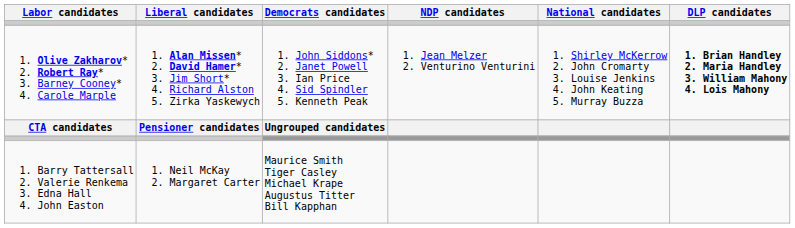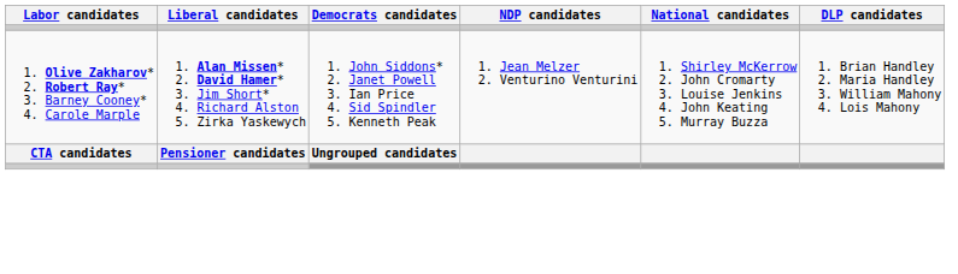 <table class="wikitable">
 <tr>
 <th><a href='#'>Labor</a> candidates</th>
 <th><a href='#'>Liberal</a> candidates</th>
 <th><a href='#'>Democrats</a> candidates</th>
 <th><a href='#'>NDP</a> candidates</th>
 <th><a href='#'>National</a> candidates</th>
 <th><a href='#'>DLP</a> candidates</th>
 </tr>
 <tr bgcolor="#cccccc">
 <td></td>
 <td></td>
 <td></td>
 <td></td>
 <td></td>
 <td></td>
 </tr>
 <tr>
 <td><br><ol><li><strong><a href='#'>Olive Zakharov</a></strong>*</li><li><strong><a href='#'>Robert Ray</a></strong>*</li><li><a href='#'>Barney Cooney</a>*</li><li><a href='#'>Carole Marple</a></li></ol></td>
 <td><br><ol><li><strong><a href='#'>Alan Missen</a></strong>*</li><li><strong><a href='#'>David Hamer</a></strong>*</li><li><a href='#'>Jim Short</a>*</li><li><a href='#'>Richard Alston</a></li><li>Zirka Yaskewych</li></ol></td>
 <td><br><ol><li><a href='#'>John Siddons</a>*</li><li><a href='#'>Janet Powell</a></li><li>Ian Price</li><li><a href='#'>Sid Spindler</a></li><li>Kenneth Peak</li></ol></td>
 <td valign=top><br><ol><li><a href='#'>Jean Melzer</a></li><li>Venturino Venturini</li></ol></td>
 <td valign=top><br><ol><li><a href='#'>Shirley McKerrow</a></li><li>John Cromarty</li><li>Louise Jenkins</li><li>John Keating</li><li>Murray Buzza</li></ol></td>
-<td valign=top><strong><br><ol><li>Brian Handley</li><li>Maria Handley</li><li>William Mahony</li><li>Lois Mahony</li></ol></strong></td>
+<td valign=top><br><ol><li>Brian Handley</li><li>Maria Handley</li><li>William Mahony</li><li>Lois Mahony</li></ol></td>
 </tr>
 <tr bgcolor="#cccccc">
 <th><a href='#'>CTA</a> candidates</th>
 <th><a href='#'>Pensioner</a> candidates</th>
 <th>Ungrouped candidates</th>
 <th></th>
 <th></th>
 <th></th>
 </tr>
 <tr bgcolor="#cccccc">
 <td></td>
 <td></td>
 <td bgcolor="#999999"></td>
 <td bgcolor="#999999"></td>
 <td bgcolor="#999999"></td>
 <td bgcolor="#999999"></td>
 </tr>
-<tr>
-<td valign=top><br><ol><li>Barry Tattersall</li><li>Valerie Renkema</li><li>Edna Hall</li><li>John Easton</li></ol></td>
-<td valign=top><br><ol><li>Neil McKay</li><li>Margaret Carter</li></ol></td>
-<td valign=top><br>Maurice Smith<br> Tiger Casley<br> Michael Krape<br> Augustus Titter<br> Bill Kapphan</td>
-<td valign=top></td>
-<td valign=top></td>
-<td valign=top></td>
-</tr>
 </table>
